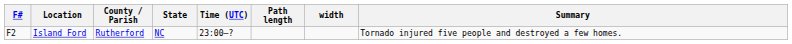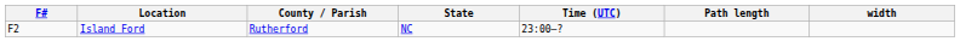 <table class="wikitable sortable" style="width:100%;">
 <tr>
 <th scope="col"  style="width:3%; text-align:center;"><a href='#'>F#</a></th>
 <th scope="col"  style="width:7%; text-align:center;" class="unsortable">Location</th>
 <th scope="col"  style="width:6%; text-align:center;" class="unsortable">County / Parish</th>
 <th scope="col"  style="width:5%; text-align:center;">State</th>
 <th scope="col"  style="width:6%; text-align:center;">Time (<a href='#'>UTC</a>)</th>
 <th scope="col"  style="width:6%; text-align:center;">Path length</th>
 <th scope="col"  style="width:6%; text-align:center;"> width</th>
-<th scope="col" class="unsortable" style="width:48%; text-align:center;">Summary</th>
 </tr>
 <tr>
 <td>F2</td>
 <td><a href='#'>Island Ford</a></td>
 <td><a href='#'>Rutherford</a></td>
 <td><a href='#'>NC</a></td>
 <td>23:00–?</td>
 <td></td>
 <td></td>
-<td>Tornado injured five people and destroyed a few homes.</td>
 </tr>
 </table>
